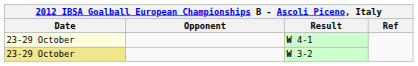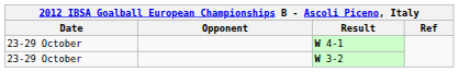 <table class="wikitable">
 <tr>
 <th width=700 colspan=4><a href='#'>2012 IBSA Goalball European Championships</a> B - <a href='#'>Ascoli Piceno</a>, Italy </th>
 </tr>
 <tr>
 <th width=150>Date</th>
 <th width=200>Opponent</th>
 <th width=100>Result</th>
 <th width=50>Ref</th>
 </tr>
 <tr>
-<td style="background: lightyellow;">23-29 October</td>
+<td>23-29 October</td>
 <td></td>
 <td bgcolor=#cfc><strong>W</strong> 4-1</td>
 <td rowspan=2></td>
 </tr>
 <tr>
-<td style="background: khaki;">23-29 October</td>
+<td>23-29 October</td>
 <td></td>
 <td bgcolor=#cfc><strong>W</strong> 3-2</td>
 </tr>
 </table>
